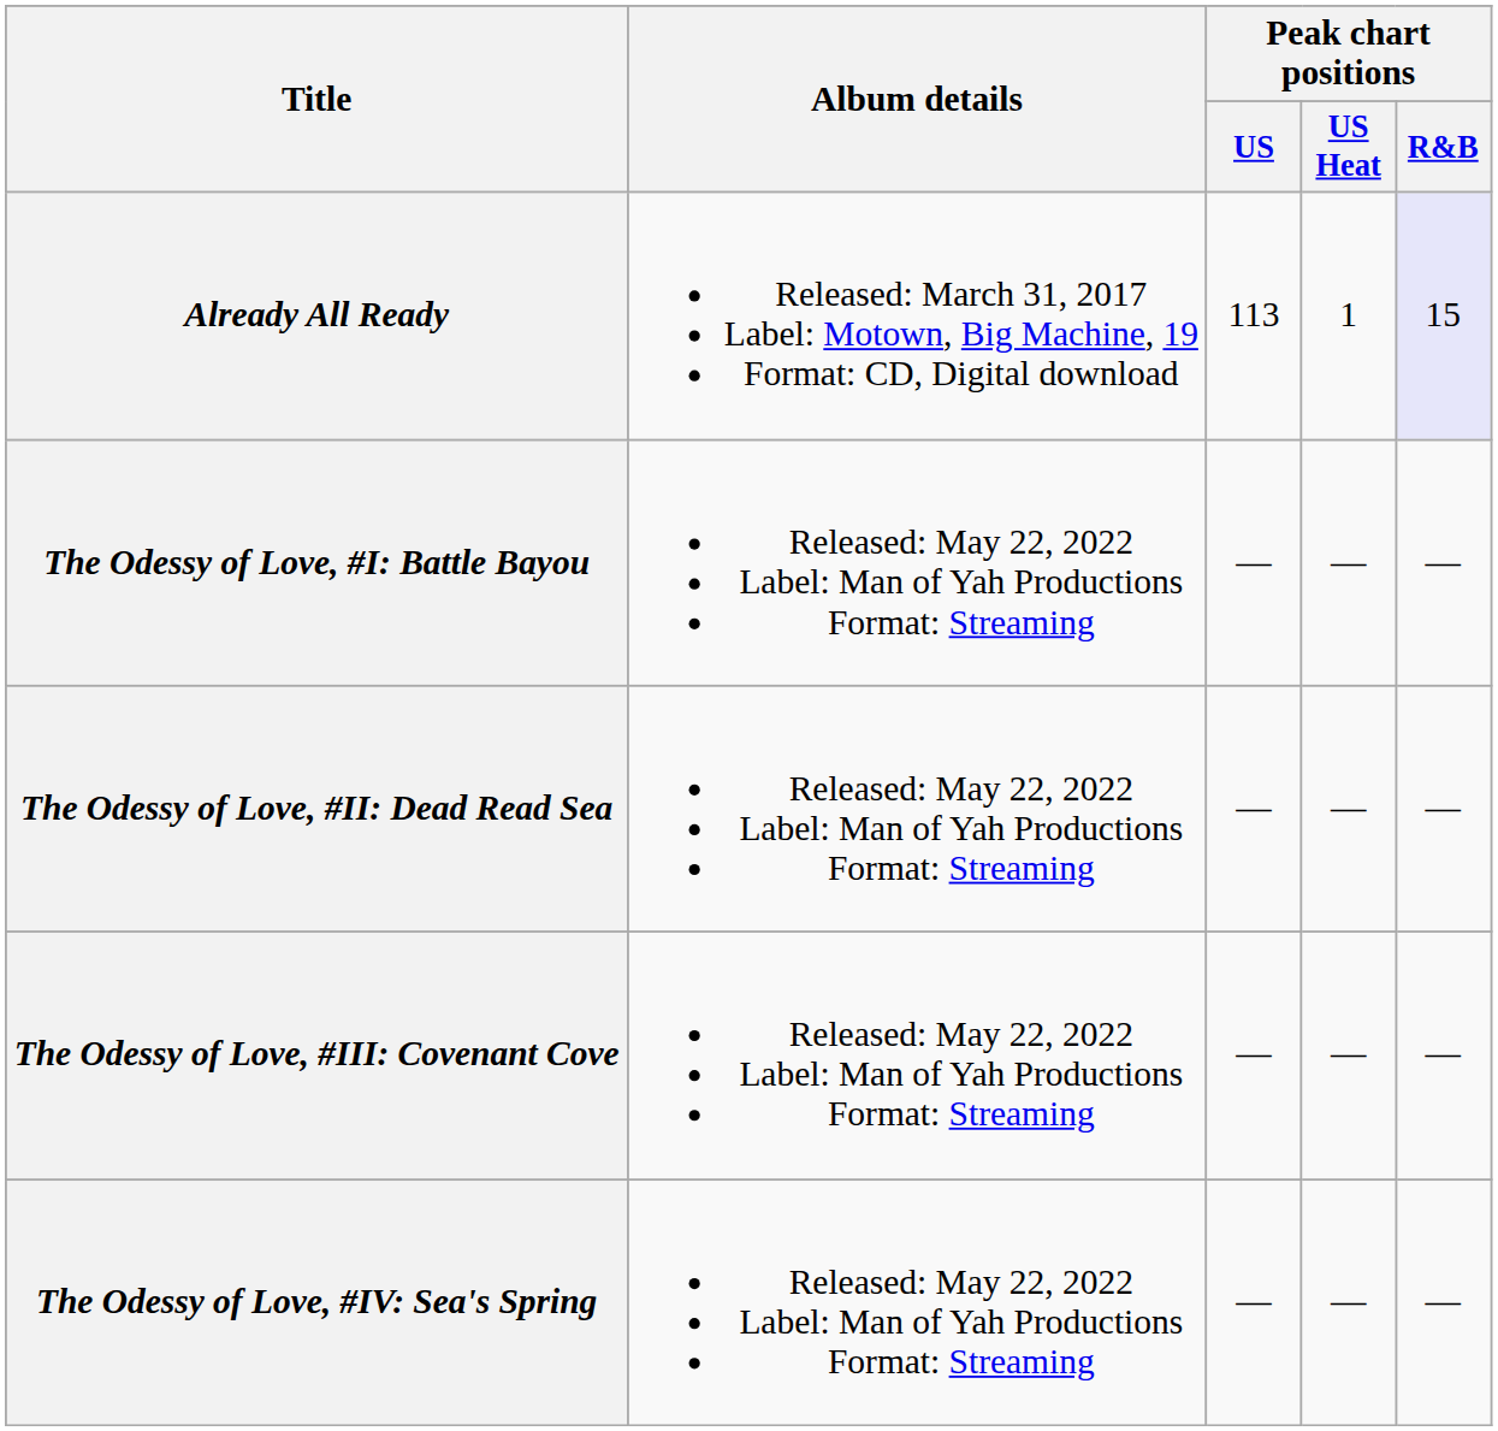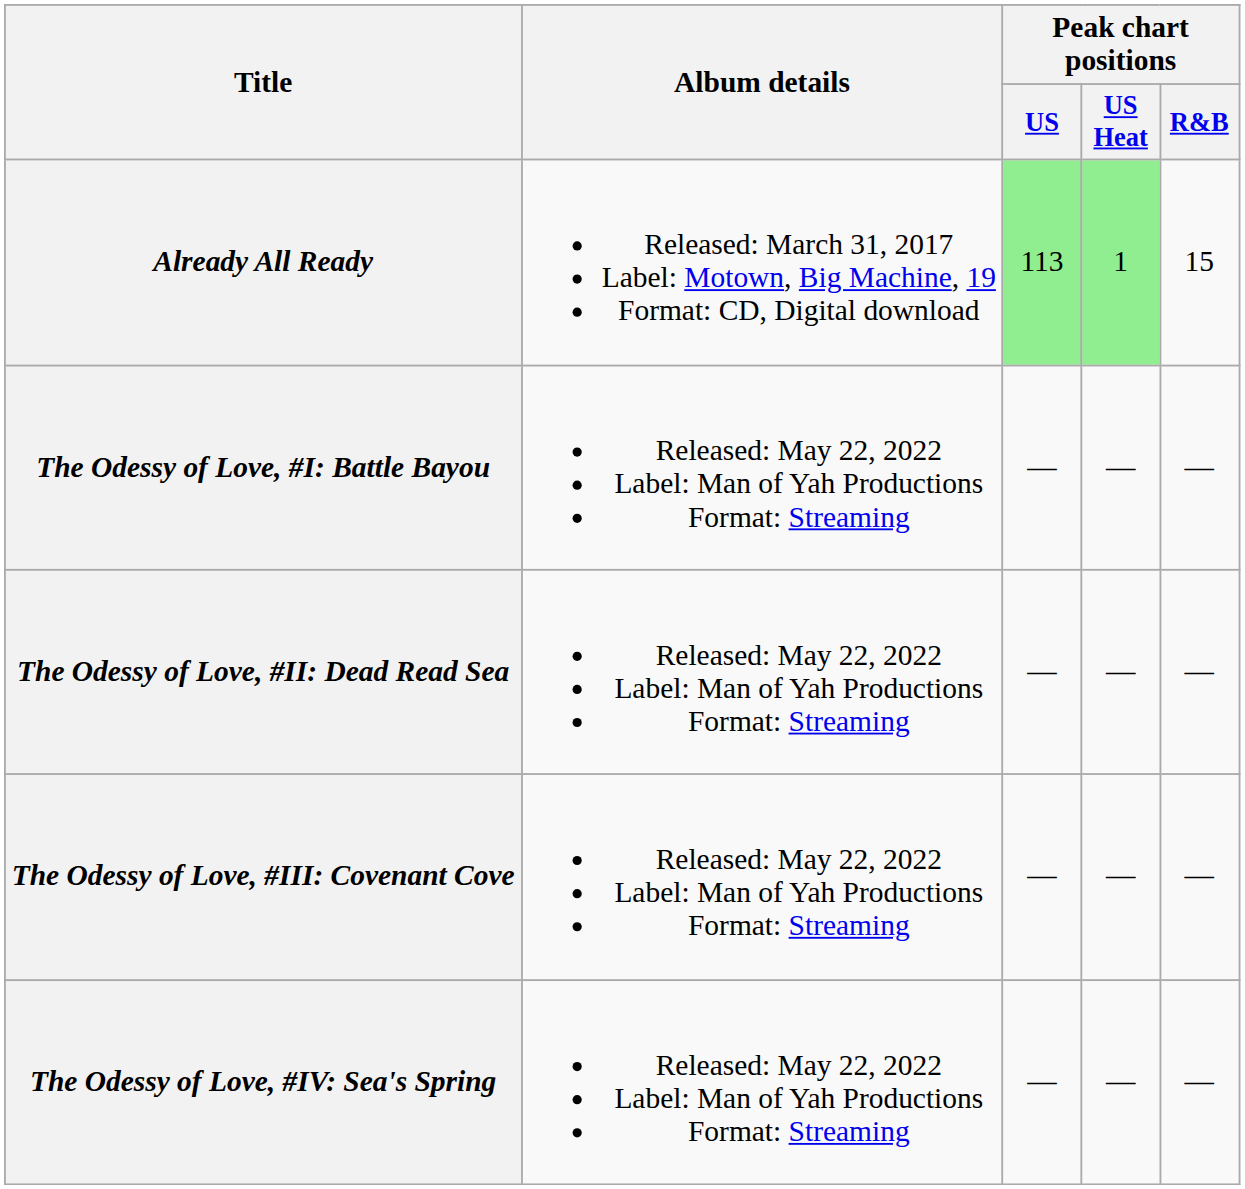 <table class="wikitable plainrowheaders" style="text-align:center;">
 <tr>
 <th scope="col" rowspan="2">Title</th>
 <th scope="col" rowspan="2">Album details</th>
 <th scope="col" colspan="3">Peak chart positions</th>
 </tr>
 <tr>
 <th scope="col" style="width:2.5em;font-size:90%;"><a href='#'>US</a></th>
 <th scope="col" style="width:2.5em;font-size:90%;"><a href='#'>US Heat</a></th>
 <th scope="col" style="width:2.5em;font-size:90%;"><a href='#'>R&B</a></th>
 </tr>
 <tr>
 <th scope="row"><em>Already All Ready</em></th>
 <td><br><ul><li>Released: March 31, 2017</li><li>Label: <a href='#'>Motown</a>, <a href='#'>Big Machine</a>, <a href='#'>19</a></li><li>Format: CD, Digital download</li></ul></td>
-<td>113</td>
-<td>1</td>
-<td style="background: lavender;">15</td>
+<td style="background: lightgreen;">113</td>
+<td style="background: lightgreen;">1</td>
+<td>15</td>
 </tr>
 <tr>
 <th scope="row"><em>The Odessy of Love, #I: Battle Bayou</em></th>
 <td><br><ul><li>Released: May 22, 2022</li><li>Label: Man of Yah Productions</li><li>Format: <a href='#'>Streaming</a></li></ul></td>
 <td>—</td>
 <td>—</td>
 <td>—</td>
 </tr>
 <tr>
 <th scope="row"><em>The Odessy of Love, #II: Dead Read Sea</em></th>
 <td><br><ul><li>Released: May 22, 2022</li><li>Label: Man of Yah Productions</li><li>Format: <a href='#'>Streaming</a></li></ul></td>
 <td>—</td>
 <td>—</td>
 <td>—</td>
 </tr>
 <tr>
 <th scope="row"><em>The Odessy of Love, #III: Covenant Cove</em></th>
 <td><br><ul><li>Released: May 22, 2022</li><li>Label: Man of Yah Productions</li><li>Format: <a href='#'>Streaming</a></li></ul></td>
 <td>—</td>
 <td>—</td>
 <td>—</td>
 </tr>
 <tr>
 <th scope="row"><em>The Odessy of Love, #IV: Sea's Spring</em></th>
 <td><br><ul><li>Released: May 22, 2022</li><li>Label: Man of Yah Productions</li><li>Format: <a href='#'>Streaming</a></li></ul></td>
 <td>—</td>
 <td>—</td>
 <td>—</td>
 </tr>
 </table>
